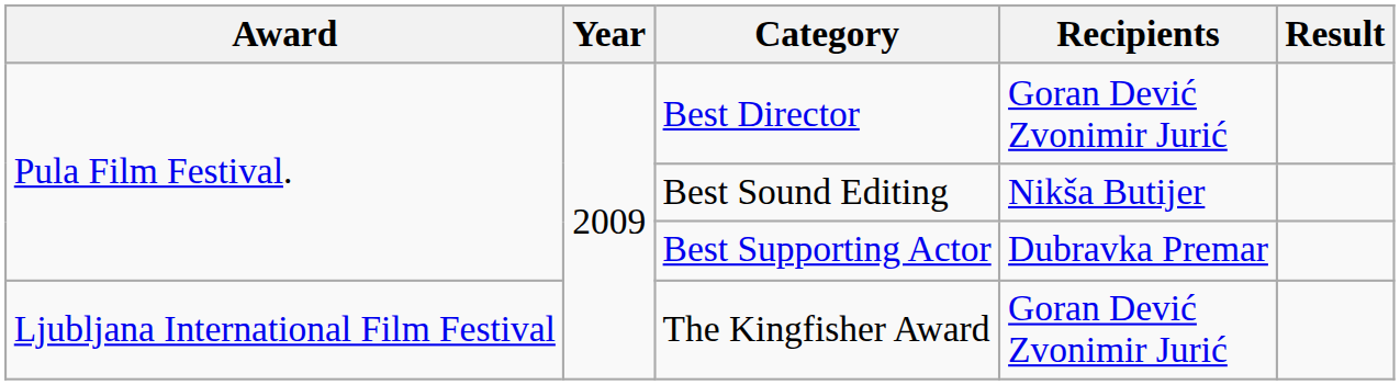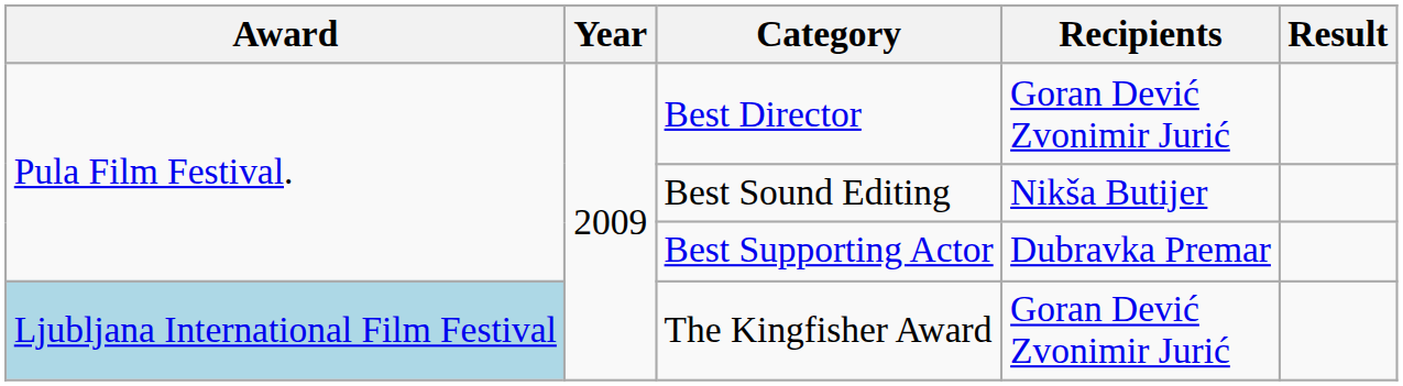 <table class="wikitable sortable">
 <tr>
 <th>Award</th>
 <th>Year</th>
 <th>Category</th>
 <th>Recipients</th>
 <th>Result</th>
 </tr>
 <tr>
 <td rowspan="3"><a href='#'>Pula Film Festival</a>.</td>
 <td rowspan="4">2009</td>
 <td><a href='#'>Best Director</a></td>
 <td><a href='#'>Goran Dević</a><br><a href='#'>Zvonimir Jurić</a></td>
 <td></td>
 </tr>
 <tr>
 <td>Best Sound Editing</td>
 <td><a href='#'>Nikša Butijer</a></td>
 <td></td>
 </tr>
 <tr>
 <td><a href='#'>Best Supporting Actor</a></td>
 <td><a href='#'>Dubravka Premar</a></td>
 <td></td>
 </tr>
 <tr>
-<td><a href='#'>Ljubljana International Film Festival</a></td>
+<td style="background: lightblue;"><a href='#'>Ljubljana International Film Festival</a></td>
 <td>The Kingfisher Award</td>
 <td><a href='#'>Goran Dević</a><br><a href='#'>Zvonimir Jurić</a></td>
 <td></td>
 </tr>
 </table>
